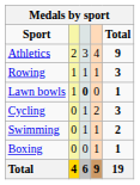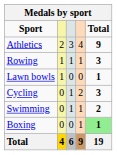 <table class="wikitable" style="text-align:center;font-size:90%">
 <tr style="background:#efefef;">
 <th colspan=7><strong>Medals by sport</strong></th>
 </tr>
 <tr>
 <td><strong>Sport</strong></td>
 <td bgcolor=#f7f6a8></td>
 <td bgcolor=#dce5e5></td>
 <td bgcolor=#ffdab9></td>
 <td><strong>Total</strong></td>
 </tr>
 <tr>
 <td style="text-align:left;"><a href='#'>Athletics</a></td>
 <td style="background:#F7F6A8;">2</td>
 <td style="background:#DCE5E5;">3</td>
 <td style="background:#FFDAB9;">4</td>
 <td><strong>9</strong></td>
 </tr>
 <tr>
 <td style="text-align:left;"><a href='#'>Rowing</a></td>
 <td style="background:#F7F6A8;">1</td>
 <td style="background:#DCE5E5;">1</td>
 <td style="background:#FFDAB9;">1</td>
 <td><strong>3</strong></td>
 </tr>
 <tr>
 <td style="text-align:left;"><a href='#'>Lawn bowls</a></td>
 <td style="background:#F7F6A8;">1</td>
-<td style="background:#DCE5E5;"><strong>0</strong></td>
+<td style="background:#DCE5E5;">0</td>
 <td style="background:#FFDAB9;">0</td>
 <td><strong>1</strong></td>
 </tr>
 <tr>
 <td style="text-align:left;"><a href='#'>Cycling</a></td>
 <td style="background:#F7F6A8;">0</td>
 <td style="background:#DCE5E5;">1</td>
 <td style="background:#FFDAB9;">2</td>
 <td><strong>3</strong></td>
 </tr>
 <tr>
 <td style="text-align:left;"><a href='#'>Swimming</a></td>
 <td style="background:#F7F6A8;">0</td>
 <td style="background:#DCE5E5;">1</td>
 <td style="background:#FFDAB9;">1</td>
 <td><strong>2</strong></td>
 </tr>
 <tr>
 <td style="text-align:left;"><a href='#'>Boxing</a></td>
 <td style="background:#F7F6A8;">0</td>
 <td style="background:#DCE5E5;">0</td>
 <td style="background:#FFDAB9;">1</td>
-<td><strong>1</strong></td>
+<td style="background: lightgreen;"><strong>1</strong></td>
 </tr>
 <tr>
 <th style="text-align:left;"><strong>Total</strong></th>
 <th style="background:gold;"><strong>4</strong></th>
 <th style="background:silver;"><strong>6</strong></th>
 <th style="background:#c96;"><strong>9</strong></th>
 <th><strong>19</strong></th>
 </tr>
 </table>
